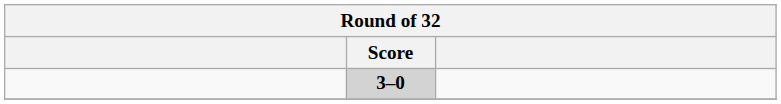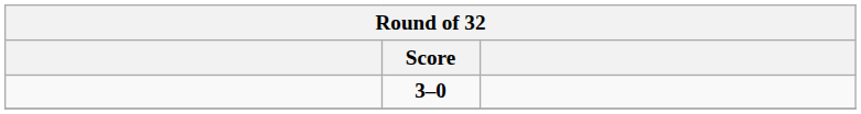 <table class="wikitable" style="text-align: center; font-size:90% ">
 <tr>
 <th colspan=3>Round of 32</th>
 </tr>
 <tr>
 <th align="right" width="250"></th>
 <th width="60">Score</th>
 <th align="left" width="250"></th>
 </tr>
 <tr>
 <td align=left><strong></strong></td>
-<td align=center style="background: lightgrey;"><strong>3–0</strong></td>
+<td align=center><strong>3–0</strong></td>
 <td align=left></td>
 </tr>
 <tr>
 </tr>
 </table>
